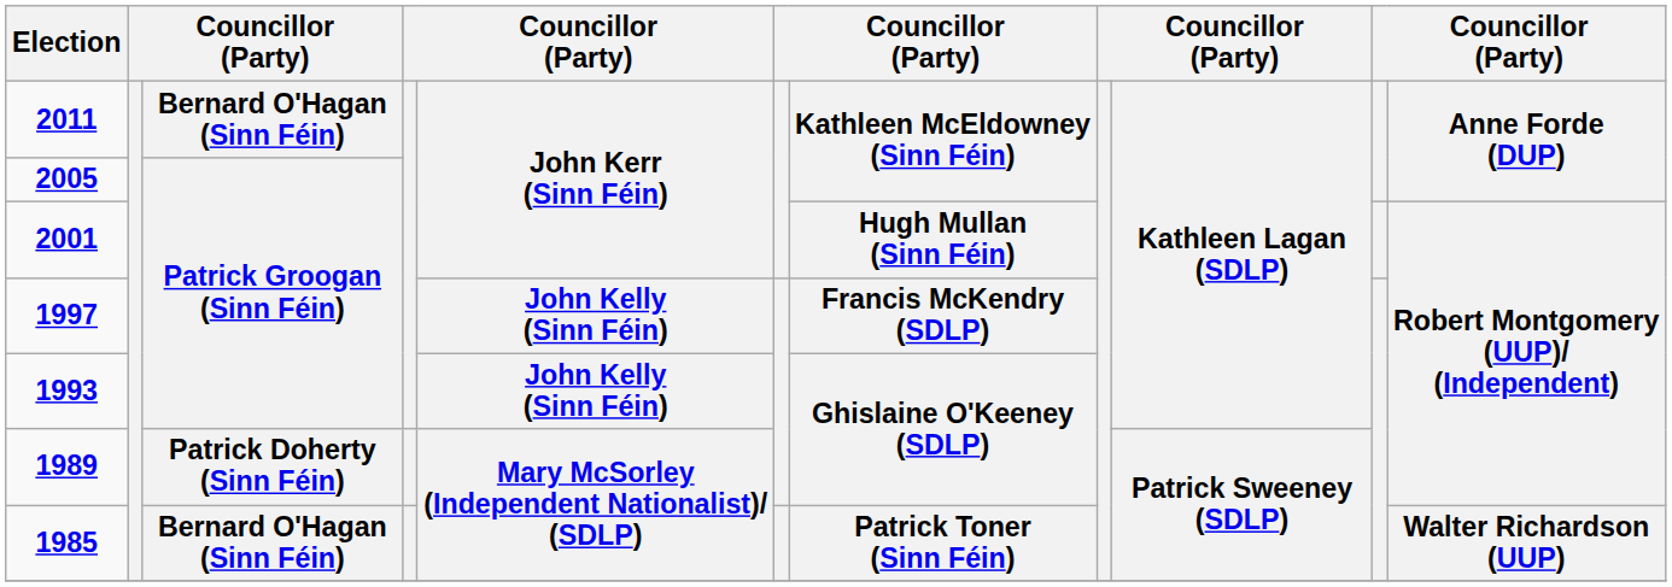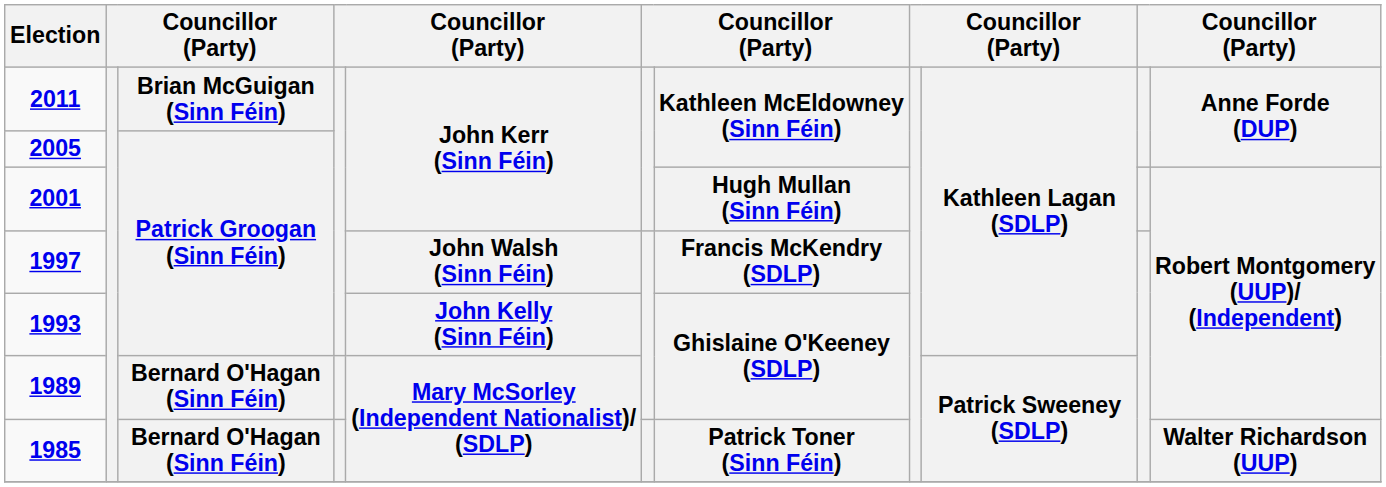 <table class="wikitable" style="text-align:center">
 <tr>
 <th scope="col" width="50">Election</th>
 <th scope="col" width="150" colspan = "2">Councillor<br> (Party)</th>
 <th scope="col" width="150" colspan = "2">Councillor<br> (Party)</th>
 <th scope="col" width="150" colspan = "2">Councillor<br> (Party)</th>
 <th scope="col" width="150" colspan = "2">Councillor<br> (Party)</th>
 <th scope="col" width="150" colspan = "2">Councillor<br> (Party)</th>
 </tr>
 <tr>
 <td><strong><a href='#'>2011</a></strong></td>
 <th rowspan="7" width="1" style="background-color: "></th>
-<th rowspan = "1">Bernard O'Hagan <br> (<a href='#'>Sinn Féin</a>)</th>
+<th rowspan = "1">Brian McGuigan <br> (<a href='#'>Sinn Féin</a>)</th>
 <th rowspan="5" width="1" style="background-color: "></th>
 <th rowspan = "3">John Kerr <br> (<a href='#'>Sinn Féin</a>)</th>
 <th rowspan="3" width="1" style="background-color: "></th>
 <th rowspan = "2">Kathleen McEldowney <br> (<a href='#'>Sinn Féin</a>)</th>
 <th rowspan="7" width="1" style="background-color: "></th>
 <th rowspan = "5">Kathleen Lagan <br> (<a href='#'>SDLP</a>)</th>
 <th rowspan="2" width="1" style="background-color: "></th>
 <th rowspan = "2">Anne Forde <br> (<a href='#'>DUP</a>)</th>
 </tr>
 <tr>
 <td><strong><a href='#'>2005</a></strong></td>
 <th rowspan = "4"><a href='#'>Patrick Groogan</a> <br> (<a href='#'>Sinn Féin</a>)</th>
 </tr>
 <tr>
 <td><strong><a href='#'>2001</a></strong></td>
 <th rowspan = "1">Hugh Mullan <br> (<a href='#'>Sinn Féin</a>)</th>
 <th rowspan="1" width="1" style="background-color: "></th>
 <th rowspan = "4">Robert Montgomery <br> (<a href='#'>UUP</a>)/ <br> (<a href='#'>Independent</a>)</th>
 </tr>
 <tr>
 <td><strong><a href='#'>1997</a></strong></td>
-<th rowspan = "1"><a href='#'>John Kelly</a> <br> (<a href='#'>Sinn Féin</a>)</th>
+<th rowspan = "1">John Walsh <br> (<a href='#'>Sinn Féin</a>)</th>
 <th rowspan="3" width="1" style="background-color: "></th>
 <th rowspan = "1">Francis McKendry <br> (<a href='#'>SDLP</a>)</th>
 <th rowspan="4" width="1" style="background-color: "></th>
 </tr>
 <tr>
 <td><strong><a href='#'>1993</a></strong></td>
 <th rowspan = "1"><a href='#'>John Kelly</a> <br> (<a href='#'>Sinn Féin</a>)</th>
 <th rowspan = "2">Ghislaine O'Keeney <br> (<a href='#'>SDLP</a>)</th>
 </tr>
 <tr>
 <td><strong><a href='#'>1989</a></strong></td>
-<th rowspan = "1">Patrick Doherty <br> (<a href='#'>Sinn Féin</a>)</th>
+<th rowspan = "1">Bernard O'Hagan <br> (<a href='#'>Sinn Féin</a>)</th>
 <th rowspan="1" width="1" style="background-color: "></th>
 <th rowspan = "2"><a href='#'>Mary McSorley</a> <br> (<a href='#'>Independent Nationalist</a>)/ <br> (<a href='#'>SDLP</a>)</th>
 <th rowspan = "2">Patrick Sweeney <br> (<a href='#'>SDLP</a>)</th>
 </tr>
 <tr>
 <td><strong><a href='#'>1985</a></strong></td>
 <th rowspan = "1">Bernard O'Hagan <br> (<a href='#'>Sinn Féin</a>)</th>
 <th rowspan="1" width="1" style="background-color: "></th>
 <th rowspan="1" width="1" style="background-color: "></th>
 <th rowspan = "1">Patrick Toner <br> (<a href='#'>Sinn Féin</a>)</th>
 <th rowspan = "1">Walter Richardson <br> (<a href='#'>UUP</a>)</th>
 </tr>
 <tr>
 </tr>
 </table>
